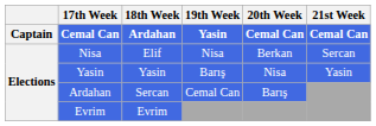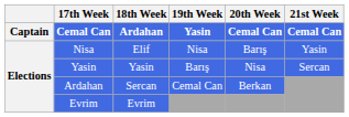 <table class="wikitable" style="text-align:center">
 <tr>
 <th></th>
 <th>17th Week</th>
 <th>18th Week</th>
 <th>19th Week </th>
 <th>20th Week</th>
 <th>21st Week</th>
 </tr>
 <tr>
 <th>Captain</th>
 <td style="background: #4169E1; color:white;"><strong>Cemal Can</strong></td>
 <td style="background: #4169E1; color:white;"><strong>Ardahan</strong></td>
 <td style="background: #4169E1; color:white;"><strong>Yasin</strong></td>
 <td style="background: #4169E1; color:white;"><strong>Cemal Can</strong></td>
 <td style="background: #4169E1; color:white;"><strong>Cemal Can</strong></td>
 </tr>
 <tr>
 <th rowspan=4>Elections</th>
 <td style="background:#4169E1; color:white;">Nisa</td>
 <td style="background: #4169E1; color:white;">Elif</td>
 <td style="background: #4169E1; color:white;">Nisa</td>
-<td style="background: #4169E1; color:white;">Berkan</td>
-<td style="background: #4169E1; color:white;">Sercan</td>
+<td style="background: #4169E1; color:white;">Barış</td>
+<td style="background: #4169E1; color:white;">Yasin</td>
 </tr>
 <tr>
 <td style="background:#4169E1; color:white;">Yasin</td>
 <td style="background: #4169E1; color:white;">Yasin</td>
 <td style="background: #4169E1; color:white;">Barış</td>
 <td style="background: #4169E1; color:white;">Nisa</td>
-<td style="background: #4169E1; color:white;">Yasin</td>
+<td style="background: #4169E1; color:white;">Sercan</td>
 </tr>
 <tr>
 <td style="background:#4169E1; color:white;">Ardahan</td>
 <td style="background: #4169E1; color:white;">Sercan</td>
 <td style="background: #4169E1; color:white;">Cemal Can</td>
-<td style="background: #4169E1; color:white;">Barış</td>
+<td style="background: #4169E1; color:white;">Berkan</td>
 <td bgcolor=darkgrey rowspan=2></td>
 </tr>
 <tr>
 <td style="background:#4169E1; color:white;">Evrim</td>
 <td style="background: #4169E1; color:white;">Evrim</td>
 <td bgcolor=darkgrey rowspan=1></td>
 <td bgcolor=darkgrey rowspan=1></td>
 </tr>
 </table>
